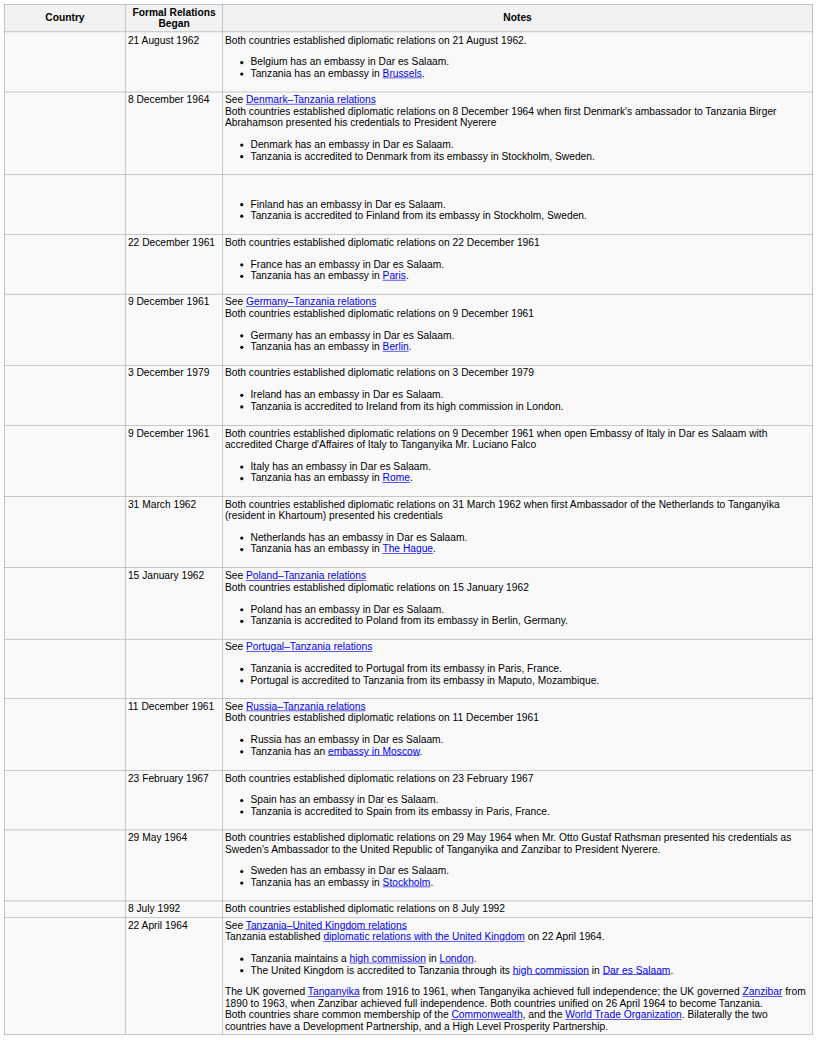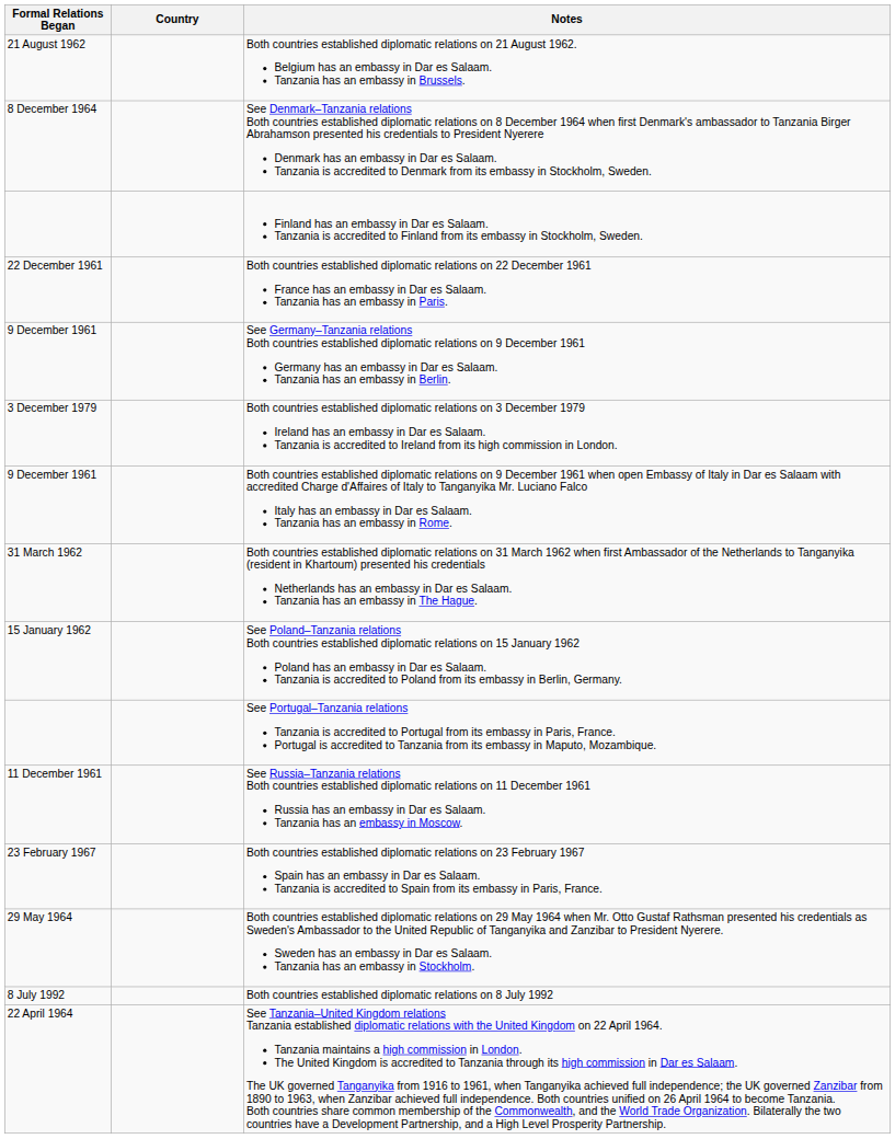 <table class="wikitable sortable" style="width:100%; margin:auto;">
 <tr>
+<th style="width:12%;">Formal Relations Began</th>
 <th style="width:15%;">Country</th>
-<th style="width:12%;">Formal Relations Began</th>
 <th>Notes</th>
 </tr>
 <tr valign="top">
+<td>21 August 1962</td>
 <td></td>
-<td>21 August 1962</td>
 <td>Both countries established diplomatic relations on 21 August 1962.<br><ul><li>Belgium has an embassy in Dar es Salaam.</li><li>Tanzania has an embassy in <a href='#'>Brussels</a>.</li></ul></td>
 </tr>
 <tr valign="top">
+<td>8 December 1964</td>
 <td></td>
-<td>8 December 1964</td>
 <td>See <a href='#'>Denmark–Tanzania relations</a><br>Both countries established diplomatic relations on 8 December 1964 when first Denmark's ambassador to Tanzania Birger Abrahamson presented his credentials to President Nyerere<ul><li>Denmark has an embassy in Dar es Salaam.</li><li>Tanzania is accredited to Denmark from its embassy in Stockholm, Sweden.</li></ul></td>
 </tr>
 <tr valign="top">
 <td></td>
 <td></td>
 <td><br><ul><li>Finland has an embassy in Dar es Salaam.</li><li>Tanzania is accredited to Finland from its embassy in Stockholm, Sweden.</li></ul></td>
 </tr>
 <tr valign="top">
+<td>22 December 1961</td>
 <td></td>
-<td>22 December 1961</td>
 <td>Both countries established diplomatic relations on 22 December 1961<br><ul><li>France has an embassy in Dar es Salaam.</li><li>Tanzania has an embassy in <a href='#'>Paris</a>.</li></ul></td>
 </tr>
 <tr valign="top">
+<td>9 December 1961</td>
 <td></td>
-<td>9 December 1961</td>
 <td>See <a href='#'>Germany–Tanzania relations</a><br>Both countries established diplomatic relations on 9 December 1961<ul><li>Germany has an embassy in Dar es Salaam.</li><li>Tanzania has an embassy in <a href='#'>Berlin</a>.</li></ul></td>
 </tr>
 <tr valign="top">
+<td>3 December 1979</td>
 <td></td>
-<td>3 December 1979</td>
 <td>Both countries established diplomatic relations on 3 December 1979<br><ul><li>Ireland has an embassy in Dar es Salaam.</li><li>Tanzania is accredited to Ireland from its high commission in London.</li></ul></td>
 </tr>
 <tr valign="top">
+<td>9 December 1961</td>
 <td></td>
-<td>9 December 1961</td>
 <td>Both countries established diplomatic relations on 9 December 1961 when open Embassy of Italy in Dar es Salaam with accredited Charge d'Affaires of Italy to Tanganyika Mr. Luciano Falco<br><ul><li>Italy has an embassy in Dar es Salaam.</li><li>Tanzania has an embassy in <a href='#'>Rome</a>.</li></ul></td>
 </tr>
 <tr valign="top">
+<td>31 March 1962</td>
 <td></td>
-<td>31 March 1962</td>
 <td>Both countries established diplomatic relations on 31 March 1962 when first Ambassador of the Netherlands to Tanganyika (resident in Khartoum) presented his credentials<br><ul><li>Netherlands has an embassy in Dar es Salaam.</li><li>Tanzania has an embassy in <a href='#'>The Hague</a>.</li></ul></td>
 </tr>
 <tr valign="top">
+<td>15 January 1962</td>
 <td></td>
-<td>15 January 1962</td>
 <td>See <a href='#'>Poland–Tanzania relations</a><br>Both countries established diplomatic relations on 15 January 1962<ul><li>Poland has an embassy in Dar es Salaam.</li><li>Tanzania is accredited to Poland from its embassy in Berlin, Germany.</li></ul></td>
 </tr>
 <tr valign="top">
 <td></td>
 <td></td>
 <td>See <a href='#'>Portugal–Tanzania relations</a><br><ul><li>Tanzania is accredited to Portugal from its embassy in Paris, France.</li><li>Portugal is accredited to Tanzania from its embassy in Maputo, Mozambique.</li></ul></td>
 </tr>
 <tr valign="top">
+<td>11 December 1961</td>
 <td></td>
-<td>11 December 1961</td>
 <td>See <a href='#'>Russia–Tanzania relations</a><br>Both countries established diplomatic relations on 11 December 1961<ul><li>Russia has an embassy in Dar es Salaam.</li><li>Tanzania has an <a href='#'>embassy in Moscow</a>.</li></ul></td>
 </tr>
 <tr valign="top">
+<td>23 February 1967</td>
 <td></td>
-<td>23 February 1967</td>
 <td>Both countries established diplomatic relations on 23 February 1967<br><ul><li>Spain has an embassy in Dar es Salaam.</li><li>Tanzania is accredited to Spain from its embassy in Paris, France.</li></ul></td>
 </tr>
 <tr valign="top">
+<td>29 May 1964</td>
 <td></td>
-<td>29 May 1964</td>
 <td>Both countries established diplomatic relations on 29 May 1964 when Mr. Otto Gustaf Rathsman presented his credentials as Sweden's Ambassador to the United Republic of Tanganyika and Zanzibar to President Nyerere.<br><ul><li>Sweden has an embassy in Dar es Salaam.</li><li>Tanzania has an embassy in <a href='#'>Stockholm</a>.</li></ul></td>
 </tr>
 <tr>
+<td>8 July 1992</td>
 <td></td>
-<td>8 July 1992</td>
 <td>Both countries established diplomatic relations on 8 July 1992</td>
 </tr>
 <tr valign="top">
+<td>22 April 1964</td>
 <td></td>
-<td>22 April 1964</td>
 <td>See <a href='#'>Tanzania–United Kingdom relations</a><br>Tanzania established <a href='#'>diplomatic relations with the United Kingdom</a> on 22 April 1964.<ul><li>Tanzania maintains a <a href='#'>high commission</a> in <a href='#'>London</a>.</li><li>The United Kingdom is accredited to Tanzania through its <a href='#'>high commission</a> in <a href='#'>Dar es Salaam</a>.</li></ul>The UK governed <a href='#'>Tanganyika</a> from 1916 to 1961, when Tanganyika achieved full independence; the UK governed <a href='#'>Zanzibar</a> from 1890 to 1963, when Zanzibar achieved full independence. Both countries unified on 26 April 1964 to become Tanzania.<br>Both countries share common membership of the <a href='#'>Commonwealth</a>, and the <a href='#'>World Trade Organization</a>. Bilaterally the two countries have a Development Partnership, and a High Level Prosperity Partnership.</td>
 </tr>
 </table>
